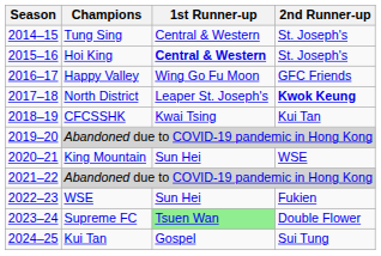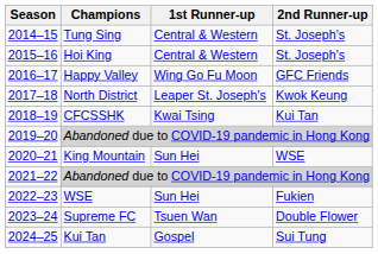 <table class="wikitable">
 <tr>
 <th>Season</th>
 <th>Champions</th>
 <th>1st Runner-up</th>
 <th>2nd Runner-up</th>
 </tr>
 <tr>
 <td><a href='#'>2014–15</a></td>
 <td><a href='#'>Tung Sing</a></td>
 <td><a href='#'>Central & Western</a></td>
 <td><a href='#'>St. Joseph's</a></td>
 </tr>
 <tr>
 <td><a href='#'>2015–16</a></td>
 <td><a href='#'>Hoi King</a></td>
-<td><strong><a href='#'>Central & Western</a></strong></td>
+<td><a href='#'>Central & Western</a></td>
 <td><a href='#'>St. Joseph's</a></td>
 </tr>
 <tr>
 <td><a href='#'>2016–17</a></td>
 <td><a href='#'>Happy Valley</a></td>
 <td><a href='#'>Wing Go Fu Moon</a></td>
 <td><a href='#'>GFC Friends</a></td>
 </tr>
 <tr>
 <td><a href='#'>2017–18</a></td>
 <td><a href='#'>North District</a></td>
 <td><a href='#'>Leaper St. Joseph's</a></td>
-<td><strong><a href='#'>Kwok Keung</a></strong></td>
+<td><a href='#'>Kwok Keung</a></td>
 </tr>
 <tr>
 <td><a href='#'>2018–19</a></td>
 <td><a href='#'>CFCSSHK</a></td>
 <td><a href='#'>Kwai Tsing</a></td>
 <td><a href='#'>Kui Tan</a></td>
 </tr>
 <tr>
 <td><a href='#'>2019–20</a></td>
 <td colspan=3 bgcolor=lightgrey align=center><em>Abandoned</em> due to <a href='#'>COVID-19 pandemic in Hong Kong</a></td>
 </tr>
 <tr>
 <td><a href='#'>2020–21</a></td>
 <td><a href='#'>King Mountain</a></td>
 <td><a href='#'>Sun Hei</a></td>
 <td><a href='#'>WSE</a></td>
 </tr>
 <tr>
 <td><a href='#'>2021–22</a></td>
 <td colspan=3 bgcolor=lightgrey align=center><em>Abandoned</em> due to <a href='#'>COVID-19 pandemic in Hong Kong</a></td>
 </tr>
 <tr>
 <td><a href='#'>2022–23</a></td>
 <td><a href='#'>WSE</a></td>
 <td><a href='#'>Sun Hei</a></td>
 <td><a href='#'>Fukien</a></td>
 </tr>
 <tr>
 <td><a href='#'>2023–24</a></td>
 <td><a href='#'>Supreme FC</a></td>
-<td style="background: lightgreen;"><a href='#'>Tsuen Wan</a></td>
+<td><a href='#'>Tsuen Wan</a></td>
 <td><a href='#'>Double Flower</a></td>
 </tr>
 <tr>
 <td><a href='#'>2024–25</a></td>
 <td><a href='#'>Kui Tan</a></td>
 <td><a href='#'>Gospel</a></td>
 <td><a href='#'>Sui Tung</a></td>
 </tr>
 </table>
